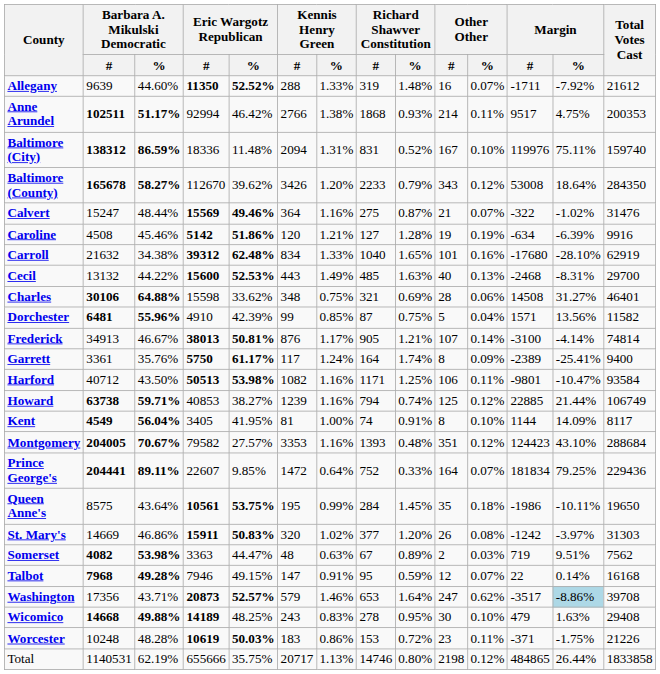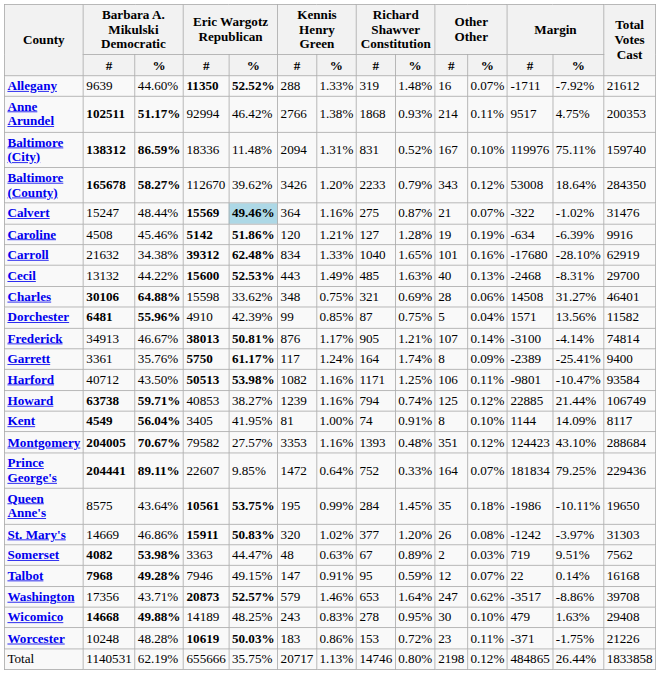 <table class="wikitable sortable">
 <tr>
 <th rowspan="2">County</th>
 <th colspan="2" >Barbara A. Mikulski<br>Democratic</th>
 <th colspan="2" >Eric Wargotz<br>Republican</th>
 <th colspan="2" >Kennis Henry<br>Green</th>
 <th colspan="2" >Richard Shawver<br>Constitution</th>
 <th colspan="2" >Other<br>Other</th>
 <th colspan="2">Margin</th>
 <th rowspan="2">Total<br>Votes<br>Cast</th>
 </tr>
 <tr>
 <th>#</th>
 <th>%</th>
 <th>#</th>
 <th>%</th>
 <th>#</th>
 <th>%</th>
 <th>#</th>
 <th>%</th>
 <th>#</th>
 <th>%</th>
 <th>#</th>
 <th>%</th>
 </tr>
 <tr>
 <td><strong><a href='#'>Allegany</a></strong></td>
 <td>9639</td>
 <td>44.60%</td>
 <td><strong>11350</strong></td>
 <td><strong>52.52%</strong></td>
 <td>288</td>
 <td>1.33%</td>
 <td>319</td>
 <td>1.48%</td>
 <td>16</td>
 <td>0.07%</td>
 <td>-1711</td>
 <td>-7.92%</td>
 <td>21612</td>
 </tr>
 <tr>
 <td><strong><a href='#'>Anne Arundel</a></strong></td>
 <td><strong>102511</strong></td>
 <td><strong>51.17%</strong></td>
 <td>92994</td>
 <td>46.42%</td>
 <td>2766</td>
 <td>1.38%</td>
 <td>1868</td>
 <td>0.93%</td>
 <td>214</td>
 <td>0.11%</td>
 <td>9517</td>
 <td>4.75%</td>
 <td>200353</td>
 </tr>
 <tr>
 <td><strong><a href='#'>Baltimore (City)</a></strong></td>
 <td><strong>138312</strong></td>
 <td><strong>86.59%</strong></td>
 <td>18336</td>
 <td>11.48%</td>
 <td>2094</td>
 <td>1.31%</td>
 <td>831</td>
 <td>0.52%</td>
 <td>167</td>
 <td>0.10%</td>
 <td>119976</td>
 <td>75.11%</td>
 <td>159740</td>
 </tr>
 <tr>
 <td><strong><a href='#'>Baltimore (County)</a></strong></td>
 <td><strong>165678</strong></td>
 <td><strong>58.27%</strong></td>
 <td>112670</td>
 <td>39.62%</td>
 <td>3426</td>
 <td>1.20%</td>
 <td>2233</td>
 <td>0.79%</td>
 <td>343</td>
 <td>0.12%</td>
 <td>53008</td>
 <td>18.64%</td>
 <td>284350</td>
 </tr>
 <tr>
 <td><strong><a href='#'>Calvert</a></strong></td>
 <td>15247</td>
 <td>48.44%</td>
 <td><strong>15569</strong></td>
-<td><strong>49.46%</strong></td>
+<td style="background: lightblue;"><strong>49.46%</strong></td>
 <td>364</td>
 <td>1.16%</td>
 <td>275</td>
 <td>0.87%</td>
 <td>21</td>
 <td>0.07%</td>
 <td>-322</td>
 <td>-1.02%</td>
 <td>31476</td>
 </tr>
 <tr>
 <td><strong><a href='#'>Caroline</a></strong></td>
 <td>4508</td>
 <td>45.46%</td>
 <td><strong>5142</strong></td>
 <td><strong>51.86%</strong></td>
 <td>120</td>
 <td>1.21%</td>
 <td>127</td>
 <td>1.28%</td>
 <td>19</td>
 <td>0.19%</td>
 <td>-634</td>
 <td>-6.39%</td>
 <td>9916</td>
 </tr>
 <tr>
 <td><strong><a href='#'>Carroll</a></strong></td>
 <td>21632</td>
 <td>34.38%</td>
 <td><strong>39312</strong></td>
 <td><strong>62.48%</strong></td>
 <td>834</td>
 <td>1.33%</td>
 <td>1040</td>
 <td>1.65%</td>
 <td>101</td>
 <td>0.16%</td>
 <td>-17680</td>
 <td>-28.10%</td>
 <td>62919</td>
 </tr>
 <tr>
 <td><strong><a href='#'>Cecil</a></strong></td>
 <td>13132</td>
 <td>44.22%</td>
 <td><strong>15600</strong></td>
 <td><strong>52.53%</strong></td>
 <td>443</td>
 <td>1.49%</td>
 <td>485</td>
 <td>1.63%</td>
 <td>40</td>
 <td>0.13%</td>
 <td>-2468</td>
 <td>-8.31%</td>
 <td>29700</td>
 </tr>
 <tr>
 <td><strong><a href='#'>Charles</a></strong></td>
 <td><strong>30106</strong></td>
 <td><strong>64.88%</strong></td>
 <td>15598</td>
 <td>33.62%</td>
 <td>348</td>
 <td>0.75%</td>
 <td>321</td>
 <td>0.69%</td>
 <td>28</td>
 <td>0.06%</td>
 <td>14508</td>
 <td>31.27%</td>
 <td>46401</td>
 </tr>
 <tr>
 <td><strong><a href='#'>Dorchester</a></strong></td>
 <td><strong>6481</strong></td>
 <td><strong>55.96%</strong></td>
 <td>4910</td>
 <td>42.39%</td>
 <td>99</td>
 <td>0.85%</td>
 <td>87</td>
 <td>0.75%</td>
 <td>5</td>
 <td>0.04%</td>
 <td>1571</td>
 <td>13.56%</td>
 <td>11582</td>
 </tr>
 <tr>
 <td><strong><a href='#'>Frederick</a></strong></td>
 <td>34913</td>
 <td>46.67%</td>
 <td><strong>38013</strong></td>
 <td><strong>50.81%</strong></td>
 <td>876</td>
 <td>1.17%</td>
 <td>905</td>
 <td>1.21%</td>
 <td>107</td>
 <td>0.14%</td>
 <td>-3100</td>
 <td>-4.14%</td>
 <td>74814</td>
 </tr>
 <tr>
 <td><strong><a href='#'>Garrett</a></strong></td>
 <td>3361</td>
 <td>35.76%</td>
 <td><strong>5750</strong></td>
 <td><strong>61.17%</strong></td>
 <td>117</td>
 <td>1.24%</td>
 <td>164</td>
 <td>1.74%</td>
 <td>8</td>
 <td>0.09%</td>
 <td>-2389</td>
 <td>-25.41%</td>
 <td>9400</td>
 </tr>
 <tr>
 <td><strong><a href='#'>Harford</a></strong></td>
 <td>40712</td>
 <td>43.50%</td>
 <td><strong>50513</strong></td>
 <td><strong>53.98%</strong></td>
 <td>1082</td>
 <td>1.16%</td>
 <td>1171</td>
 <td>1.25%</td>
 <td>106</td>
 <td>0.11%</td>
 <td>-9801</td>
 <td>-10.47%</td>
 <td>93584</td>
 </tr>
 <tr>
 <td><strong><a href='#'>Howard</a></strong></td>
 <td><strong>63738</strong></td>
 <td><strong>59.71%</strong></td>
 <td>40853</td>
 <td>38.27%</td>
 <td>1239</td>
 <td>1.16%</td>
 <td>794</td>
 <td>0.74%</td>
 <td>125</td>
 <td>0.12%</td>
 <td>22885</td>
 <td>21.44%</td>
 <td>106749</td>
 </tr>
 <tr>
 <td><strong><a href='#'>Kent</a></strong></td>
 <td><strong>4549</strong></td>
 <td><strong>56.04%</strong></td>
 <td>3405</td>
 <td>41.95%</td>
 <td>81</td>
 <td>1.00%</td>
 <td>74</td>
 <td>0.91%</td>
 <td>8</td>
 <td>0.10%</td>
 <td>1144</td>
 <td>14.09%</td>
 <td>8117</td>
 </tr>
 <tr>
 <td><strong><a href='#'>Montgomery</a></strong></td>
 <td><strong>204005</strong></td>
 <td><strong>70.67%</strong></td>
 <td>79582</td>
 <td>27.57%</td>
 <td>3353</td>
 <td>1.16%</td>
 <td>1393</td>
 <td>0.48%</td>
 <td>351</td>
 <td>0.12%</td>
 <td>124423</td>
 <td>43.10%</td>
 <td>288684</td>
 </tr>
 <tr>
 <td><strong><a href='#'>Prince George's</a></strong></td>
 <td><strong>204441</strong></td>
 <td><strong>89.11%</strong></td>
 <td>22607</td>
 <td>9.85%</td>
 <td>1472</td>
 <td>0.64%</td>
 <td>752</td>
 <td>0.33%</td>
 <td>164</td>
 <td>0.07%</td>
 <td>181834</td>
 <td>79.25%</td>
 <td>229436</td>
 </tr>
 <tr>
 <td><strong><a href='#'>Queen Anne's</a></strong></td>
 <td>8575</td>
 <td>43.64%</td>
 <td><strong>10561</strong></td>
 <td><strong>53.75%</strong></td>
 <td>195</td>
 <td>0.99%</td>
 <td>284</td>
 <td>1.45%</td>
 <td>35</td>
 <td>0.18%</td>
 <td>-1986</td>
 <td>-10.11%</td>
 <td>19650</td>
 </tr>
 <tr>
 <td><strong><a href='#'>St. Mary's</a></strong></td>
 <td>14669</td>
 <td>46.86%</td>
 <td><strong>15911</strong></td>
 <td><strong>50.83%</strong></td>
 <td>320</td>
 <td>1.02%</td>
 <td>377</td>
 <td>1.20%</td>
 <td>26</td>
 <td>0.08%</td>
 <td>-1242</td>
 <td>-3.97%</td>
 <td>31303</td>
 </tr>
 <tr>
 <td><strong><a href='#'>Somerset</a></strong></td>
 <td><strong>4082</strong></td>
 <td><strong>53.98%</strong></td>
 <td>3363</td>
 <td>44.47%</td>
 <td>48</td>
 <td>0.63%</td>
 <td>67</td>
 <td>0.89%</td>
 <td>2</td>
 <td>0.03%</td>
 <td>719</td>
 <td>9.51%</td>
 <td>7562</td>
 </tr>
 <tr>
 <td><strong><a href='#'>Talbot</a></strong></td>
 <td><strong>7968</strong></td>
 <td><strong>49.28%</strong></td>
 <td>7946</td>
 <td>49.15%</td>
 <td>147</td>
 <td>0.91%</td>
 <td>95</td>
 <td>0.59%</td>
 <td>12</td>
 <td>0.07%</td>
 <td>22</td>
 <td>0.14%</td>
 <td>16168</td>
 </tr>
 <tr>
 <td><strong><a href='#'>Washington</a></strong></td>
 <td>17356</td>
 <td>43.71%</td>
 <td><strong>20873</strong></td>
 <td><strong>52.57%</strong></td>
 <td>579</td>
 <td>1.46%</td>
 <td>653</td>
 <td>1.64%</td>
 <td>247</td>
 <td>0.62%</td>
 <td>-3517</td>
-<td style="background: lightblue;">-8.86%</td>
+<td>-8.86%</td>
 <td>39708</td>
 </tr>
 <tr>
 <td><strong><a href='#'>Wicomico</a></strong></td>
 <td><strong>14668</strong></td>
 <td><strong>49.88%</strong></td>
-<td><strong>14189</strong></td>
+<td>14189</td>
 <td>48.25%</td>
 <td>243</td>
 <td>0.83%</td>
 <td>278</td>
 <td>0.95%</td>
 <td>30</td>
 <td>0.10%</td>
 <td>479</td>
 <td>1.63%</td>
 <td>29408</td>
 </tr>
 <tr>
 <td><strong><a href='#'>Worcester</a></strong></td>
 <td>10248</td>
 <td>48.28%</td>
 <td><strong>10619</strong></td>
 <td><strong>50.03%</strong></td>
 <td>183</td>
 <td>0.86%</td>
 <td>153</td>
 <td>0.72%</td>
 <td>23</td>
 <td>0.11%</td>
 <td>-371</td>
 <td>-1.75%</td>
 <td>21226</td>
 </tr>
 <tr>
 <td>Total</td>
 <td>1140531</td>
 <td>62.19%</td>
 <td>655666</td>
 <td>35.75%</td>
 <td>20717</td>
 <td>1.13%</td>
 <td>14746</td>
 <td>0.80%</td>
 <td>2198</td>
 <td>0.12%</td>
 <td>484865</td>
 <td>26.44%</td>
 <td>1833858</td>
 </tr>
 </table>
